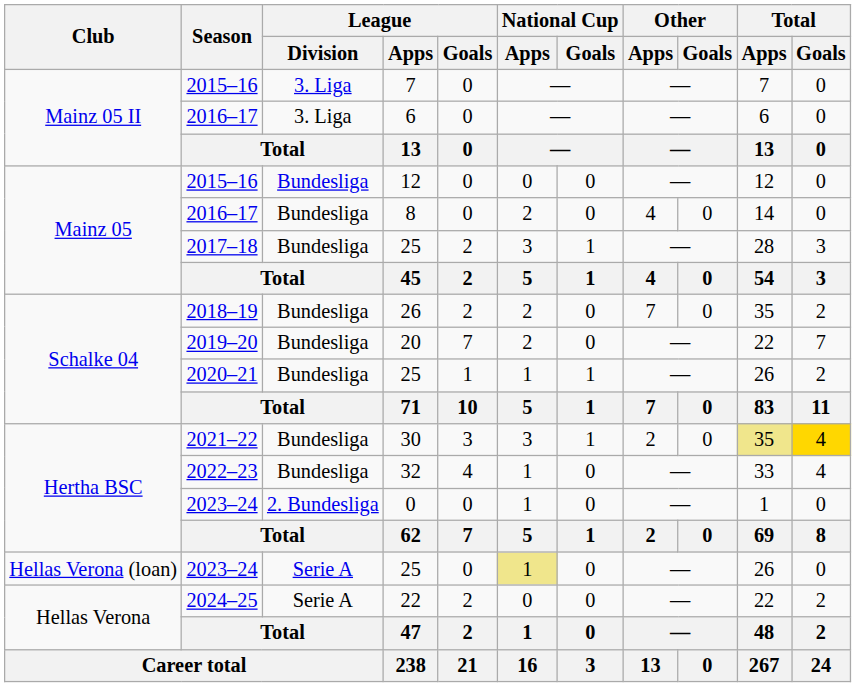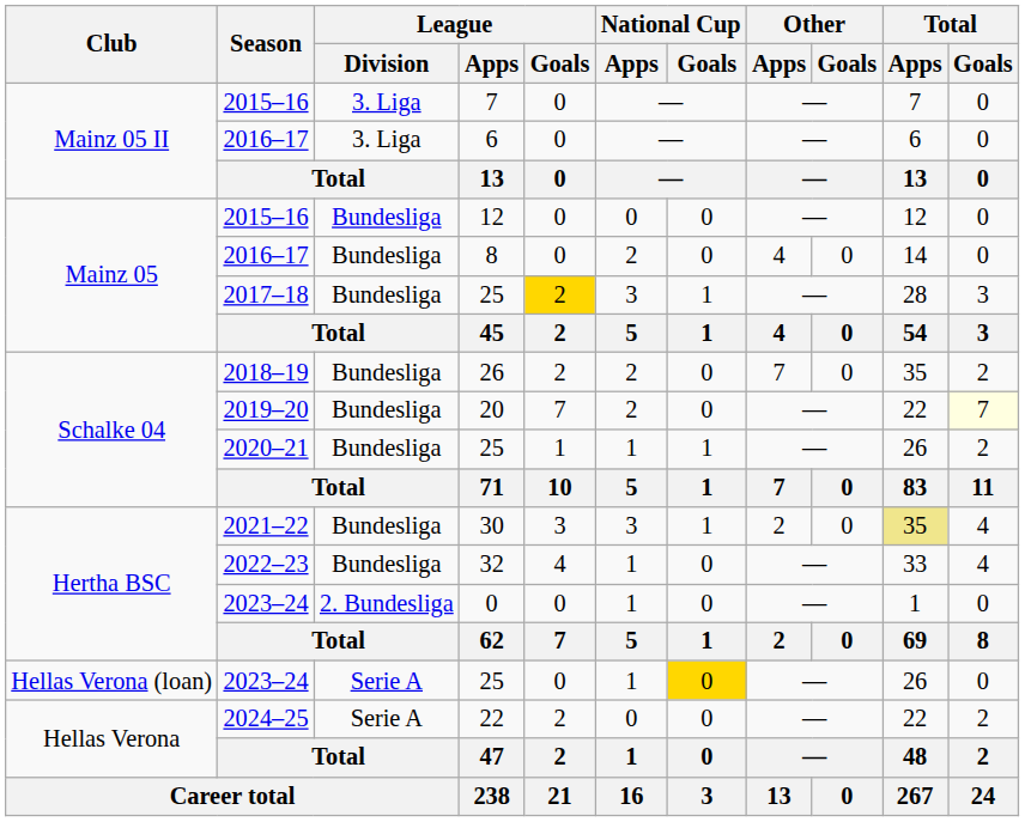 <table class="wikitable" style="text-align: center">
 <tr>
 <th rowspan=2>Club</th>
 <th rowspan=2>Season</th>
 <th colspan=3>League</th>
 <th colspan=2>National Cup</th>
 <th colspan=2>Other</th>
 <th colspan=2>Total</th>
 </tr>
 <tr>
 <th>Division</th>
 <th>Apps</th>
 <th>Goals</th>
 <th>Apps</th>
 <th>Goals</th>
 <th>Apps</th>
 <th>Goals</th>
 <th>Apps</th>
 <th>Goals</th>
 </tr>
 <tr>
 <td rowspan=3><a href='#'>Mainz 05 II</a></td>
 <td><a href='#'>2015–16</a></td>
 <td><a href='#'>3. Liga</a></td>
 <td>7</td>
 <td>0</td>
 <td colspan=2>—</td>
 <td colspan=2>—</td>
 <td>7</td>
 <td>0</td>
 </tr>
 <tr>
 <td><a href='#'>2016–17</a></td>
 <td>3. Liga</td>
 <td>6</td>
 <td>0</td>
 <td colspan=2>—</td>
 <td colspan=2>—</td>
 <td>6</td>
 <td>0</td>
 </tr>
 <tr>
 <th colspan=2>Total</th>
 <th>13</th>
 <th>0</th>
 <th colspan=2>—</th>
 <th colspan=2>—</th>
 <th>13</th>
 <th>0</th>
 </tr>
 <tr>
 <td rowspan=4><a href='#'>Mainz 05</a></td>
 <td><a href='#'>2015–16</a></td>
 <td><a href='#'>Bundesliga</a></td>
 <td>12</td>
 <td>0</td>
 <td>0</td>
 <td>0</td>
 <td colspan=2>—</td>
 <td>12</td>
 <td>0</td>
 </tr>
 <tr>
 <td><a href='#'>2016–17</a></td>
 <td>Bundesliga</td>
 <td>8</td>
 <td>0</td>
 <td>2</td>
 <td>0</td>
 <td>4</td>
 <td>0</td>
 <td>14</td>
 <td>0</td>
 </tr>
 <tr>
 <td><a href='#'>2017–18</a></td>
 <td>Bundesliga</td>
 <td>25</td>
-<td>2</td>
+<td style="background: gold;">2</td>
 <td>3</td>
 <td>1</td>
 <td colspan=2>—</td>
 <td>28</td>
 <td>3</td>
 </tr>
 <tr>
 <th colspan=2>Total</th>
 <th>45</th>
 <th>2</th>
 <th>5</th>
 <th>1</th>
 <th>4</th>
 <th>0</th>
 <th>54</th>
 <th>3</th>
 </tr>
 <tr>
 <td rowspan="4"><a href='#'>Schalke 04</a></td>
 <td><a href='#'>2018–19</a></td>
 <td>Bundesliga</td>
 <td>26</td>
 <td>2</td>
 <td>2</td>
 <td>0</td>
 <td>7</td>
 <td>0</td>
 <td>35</td>
 <td>2</td>
 </tr>
 <tr>
 <td><a href='#'>2019–20</a></td>
 <td>Bundesliga</td>
 <td>20</td>
 <td>7</td>
 <td>2</td>
 <td>0</td>
 <td colspan=2>—</td>
 <td>22</td>
-<td>7</td>
+<td style="background: lightyellow;">7</td>
 </tr>
 <tr>
 <td><a href='#'>2020–21</a></td>
 <td>Bundesliga</td>
 <td>25</td>
 <td>1</td>
 <td>1</td>
 <td>1</td>
 <td colspan="2">—</td>
 <td>26</td>
 <td>2</td>
 </tr>
 <tr>
 <th colspan=2>Total</th>
 <th>71</th>
 <th>10</th>
 <th>5</th>
 <th>1</th>
 <th>7</th>
 <th>0</th>
 <th>83</th>
 <th>11</th>
 </tr>
 <tr>
 <td rowspan="4"><a href='#'>Hertha BSC</a></td>
 <td><a href='#'>2021–22</a></td>
 <td>Bundesliga</td>
 <td>30</td>
 <td>3</td>
 <td>3</td>
 <td>1</td>
 <td>2</td>
 <td>0</td>
 <td style="background: khaki;">35</td>
-<td style="background: gold;">4</td>
+<td>4</td>
 </tr>
 <tr>
 <td><a href='#'>2022–23</a></td>
 <td>Bundesliga</td>
 <td>32</td>
 <td>4</td>
 <td>1</td>
 <td>0</td>
 <td colspan="2">—</td>
 <td>33</td>
 <td>4</td>
 </tr>
 <tr>
 <td><a href='#'>2023–24</a></td>
 <td><a href='#'>2. Bundesliga</a></td>
 <td>0</td>
 <td>0</td>
 <td>1</td>
 <td>0</td>
 <td colspan="2">—</td>
 <td>1</td>
 <td>0</td>
 </tr>
 <tr>
 <th colspan=2>Total</th>
 <th>62</th>
 <th>7</th>
 <th>5</th>
 <th>1</th>
 <th>2</th>
 <th>0</th>
 <th>69</th>
 <th>8</th>
 </tr>
 <tr>
 <td><a href='#'>Hellas Verona</a> (loan)</td>
 <td><a href='#'>2023–24</a></td>
 <td><a href='#'>Serie A</a></td>
 <td>25</td>
 <td>0</td>
-<td style="background: khaki;">1</td>
-<td>0</td>
+<td>1</td>
+<td style="background: gold;">0</td>
 <td colspan="2">—</td>
 <td>26</td>
 <td>0</td>
 </tr>
 <tr>
 <td rowspan="2">Hellas Verona</td>
 <td><a href='#'>2024–25</a></td>
 <td>Serie A</td>
 <td>22</td>
 <td>2</td>
 <td>0</td>
 <td>0</td>
 <td colspan="2">—</td>
 <td>22</td>
 <td>2</td>
 </tr>
 <tr>
 <th colspan=2>Total</th>
 <th>47</th>
 <th>2</th>
 <th>1</th>
 <th>0</th>
 <th colspan="2">—</th>
 <th>48</th>
 <th>2</th>
 </tr>
 <tr>
 <th colspan=3>Career total</th>
 <th>238</th>
 <th>21</th>
 <th>16</th>
 <th>3</th>
 <th>13</th>
 <th>0</th>
 <th>267</th>
 <th>24</th>
 </tr>
 </table>
